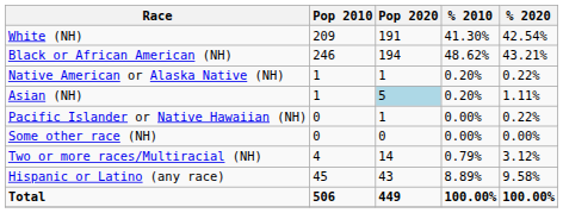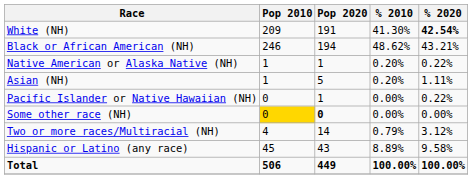 <table class="wikitable">
 <tr>
 <th>Race</th>
 <th>Pop 2010</th>
 <th>Pop 2020</th>
 <th>% 2010</th>
 <th>% 2020</th>
 </tr>
 <tr>
 <td><a href='#'>White</a> (NH)</td>
 <td>209</td>
 <td>191</td>
 <td>41.30%</td>
-<td>42.54%</td>
+<td><strong>42.54%</strong></td>
 </tr>
 <tr>
 <td><a href='#'>Black or African American</a> (NH)</td>
 <td>246</td>
 <td>194</td>
 <td>48.62%</td>
 <td>43.21%</td>
 </tr>
 <tr>
 <td><a href='#'>Native American</a> or <a href='#'>Alaska Native</a> (NH)</td>
 <td>1</td>
 <td>1</td>
 <td>0.20%</td>
 <td>0.22%</td>
 </tr>
 <tr>
 <td><a href='#'>Asian</a> (NH)</td>
 <td>1</td>
-<td style="background: lightblue;">5</td>
+<td>5</td>
 <td>0.20%</td>
 <td>1.11%</td>
 </tr>
 <tr>
 <td><a href='#'>Pacific Islander</a> or <a href='#'>Native Hawaiian</a> (NH)</td>
 <td>0</td>
 <td>1</td>
 <td>0.00%</td>
 <td>0.22%</td>
 </tr>
 <tr>
 <td><a href='#'>Some other race</a> (NH)</td>
-<td>0</td>
-<td>0</td>
+<td style="background: gold;">0</td>
+<td><strong>0</strong></td>
 <td>0.00%</td>
 <td>0.00%</td>
 </tr>
 <tr>
 <td><a href='#'>Two or more races/Multiracial</a> (NH)</td>
 <td>4</td>
 <td>14</td>
 <td>0.79%</td>
 <td>3.12%</td>
 </tr>
 <tr>
 <td><a href='#'>Hispanic or Latino</a> (any race)</td>
 <td>45</td>
 <td>43</td>
 <td>8.89%</td>
 <td>9.58%</td>
 </tr>
 <tr>
 <td><strong>Total</strong></td>
 <td><strong>506</strong></td>
 <td><strong>449</strong></td>
 <td><strong>100.00%</strong></td>
 <td><strong>100.00%</strong></td>
 </tr>
 <tr>
 </tr>
 </table>
